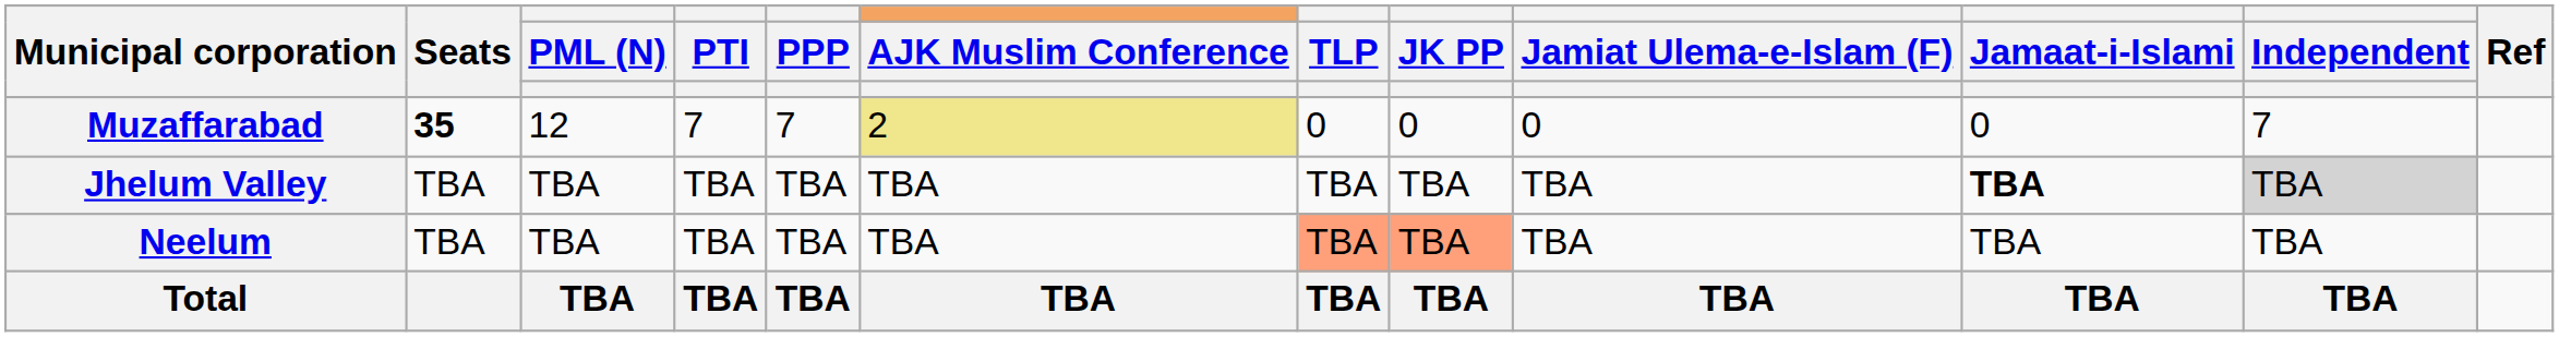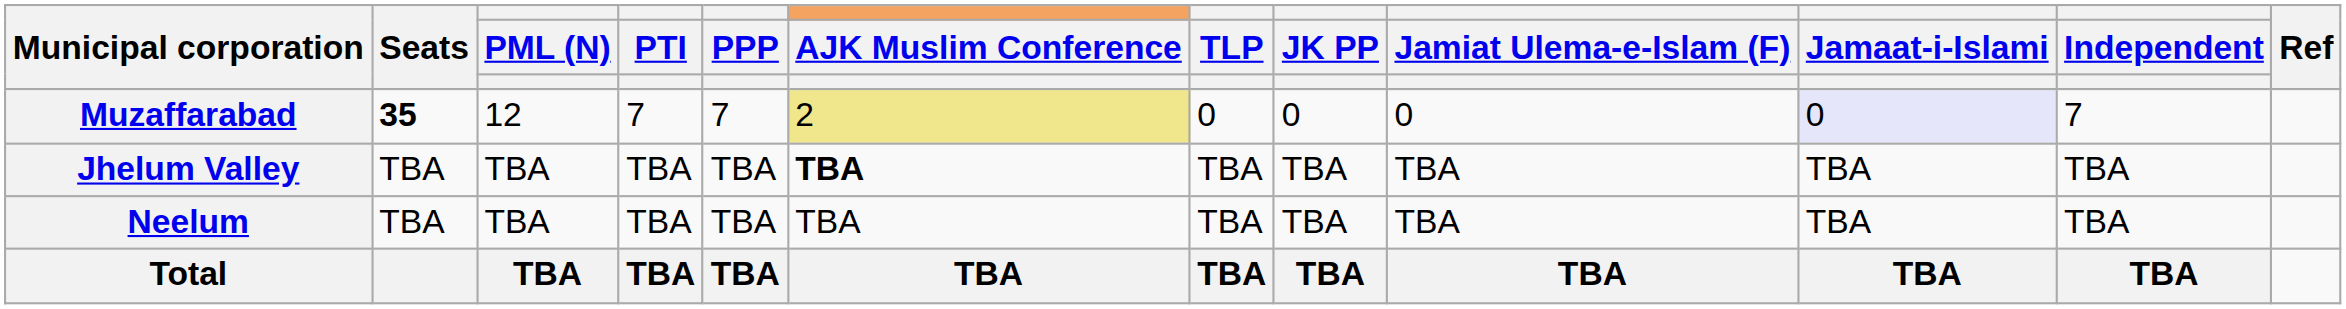 <table class="wikitable">
 <tr>
 <th rowspan="3">Municipal corporation</th>
 <th rowspan="3">Seats</th>
 <th style="background-color: "></th>
 <th style="background-color: "></th>
 <th style="background-color: "></th>
 <td bgcolor="#f4a460"></td>
 <th style="background-color: "></th>
 <th style="background-color: "></th>
 <th style="background-color: "></th>
 <th style="background-color: "></th>
 <th style="background-color: "></th>
 <th rowspan="3">Ref</th>
 </tr>
 <tr>
 <th><a href='#'>PML (N)</a></th>
 <th><a href='#'>PTI</a></th>
 <th><a href='#'>PPP</a></th>
 <th><a href='#'>AJK Muslim Conference</a></th>
 <th><a href='#'>TLP</a></th>
 <th><a href='#'>JK PP</a></th>
 <th><a href='#'>Jamiat Ulema-e-Islam (F)</a></th>
 <th><a href='#'>Jamaat-i-Islami</a></th>
 <th><a href='#'>Independent</a></th>
 </tr>
 <tr>
 <th></th>
 <th></th>
 <th></th>
 <th></th>
 <th></th>
 <th></th>
 <th></th>
 <th></th>
 <th></th>
 </tr>
 <tr>
 <th><a href='#'>Muzaffarabad</a></th>
 <td><strong>35</strong></td>
 <td>12</td>
 <td>7</td>
 <td>7</td>
 <td style="background: khaki;">2</td>
 <td>0</td>
 <td>0</td>
 <td>0</td>
-<td>0</td>
+<td style="background: lavender;">0</td>
 <td>7</td>
 <td></td>
 </tr>
 <tr>
 <th><a href='#'>Jhelum Valley</a></th>
 <td>TBA</td>
 <td>TBA</td>
 <td>TBA</td>
 <td>TBA</td>
+<td><strong>TBA</strong></td>
 <td>TBA</td>
 <td>TBA</td>
 <td>TBA</td>
 <td>TBA</td>
-<td><strong>TBA</strong></td>
-<td style="background: lightgrey;">TBA</td>
+<td>TBA</td>
 <td></td>
 </tr>
 <tr>
 <th><a href='#'>Neelum</a></th>
 <td>TBA</td>
 <td>TBA</td>
 <td>TBA</td>
 <td>TBA</td>
 <td>TBA</td>
-<td style="background: lightsalmon;">TBA</td>
-<td style="background: lightsalmon;">TBA</td>
+<td>TBA</td>
+<td>TBA</td>
 <td>TBA</td>
 <td>TBA</td>
 <td>TBA</td>
 <td></td>
 </tr>
 <tr>
 <th><strong>Total</strong></th>
 <th></th>
 <th>TBA</th>
 <th>TBA</th>
 <th>TBA</th>
 <th>TBA</th>
 <th>TBA</th>
 <th>TBA</th>
 <th>TBA</th>
 <th>TBA</th>
 <th>TBA</th>
 <td></td>
 </tr>
 </table>
